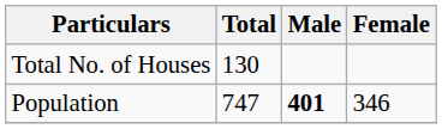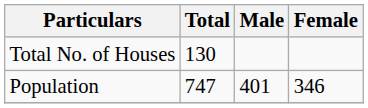 <table class="wikitable sortable">
 <tr>
 <th>Particulars</th>
 <th>Total</th>
 <th>Male</th>
 <th>Female</th>
 </tr>
 <tr>
 <td>Total No. of Houses</td>
 <td>130</td>
 <td></td>
 <td></td>
 </tr>
 <tr>
 <td>Population</td>
 <td>747</td>
-<td><strong>401</strong></td>
+<td>401</td>
 <td>346</td>
 </tr>
 <tr>
 </tr>
 </table>
